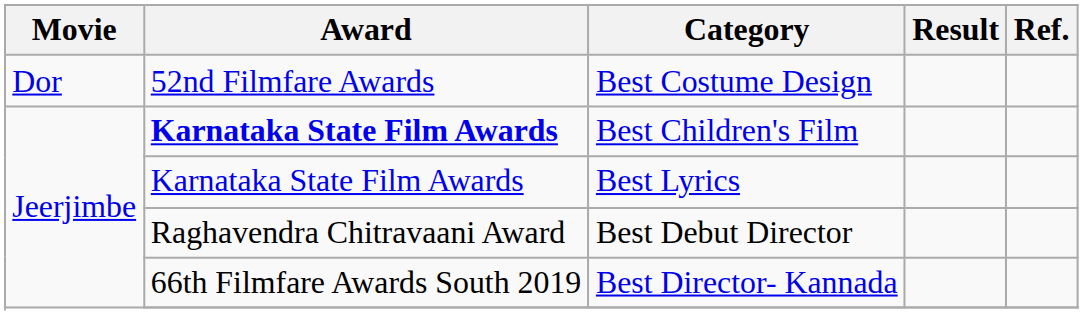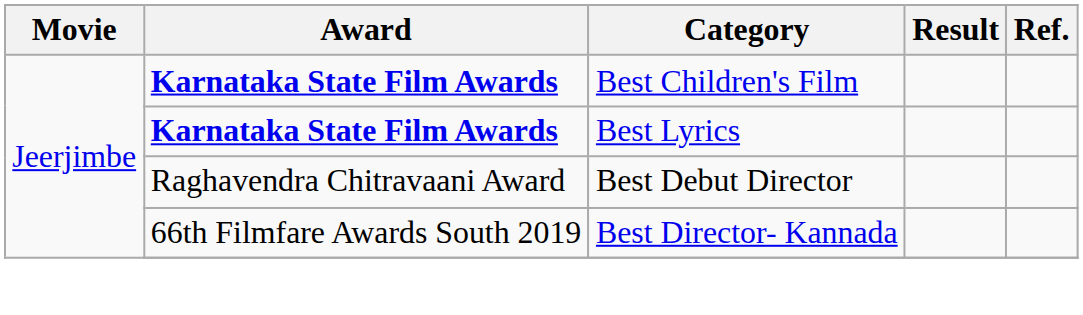 <table class="wikitable sortable">
 <tr>
 <th>Movie</th>
 <th>Award</th>
 <th>Category</th>
 <th>Result</th>
 <th>Ref.</th>
 </tr>
 <tr>
-<td><a href='#'>Dor</a></td>
-<td><a href='#'>52nd Filmfare Awards</a></td>
-<td><a href='#'>Best Costume Design</a></td>
-<td></td>
-<td></td>
-</tr>
-<tr>
 <td rowspan=5><a href='#'>Jeerjimbe</a></td>
 <td><strong><a href='#'>Karnataka State Film Awards</a></strong></td>
 <td><a href='#'>Best Children's Film</a></td>
 <td></td>
 <td></td>
 </tr>
 <tr>
-<td><a href='#'>Karnataka State Film Awards</a></td>
+<td><strong><a href='#'>Karnataka State Film Awards</a></strong></td>
 <td><a href='#'>Best Lyrics</a></td>
 <td></td>
 <td></td>
 </tr>
 <tr>
 <td>Raghavendra Chitravaani Award</td>
 <td>Best Debut Director</td>
 <td></td>
 <td></td>
 </tr>
 <tr>
 <td>66th Filmfare Awards South 2019</td>
 <td><a href='#'>Best Director- Kannada</a></td>
 <td></td>
 <td></td>
 </tr>
 <tr>
 </tr>
 </table>
